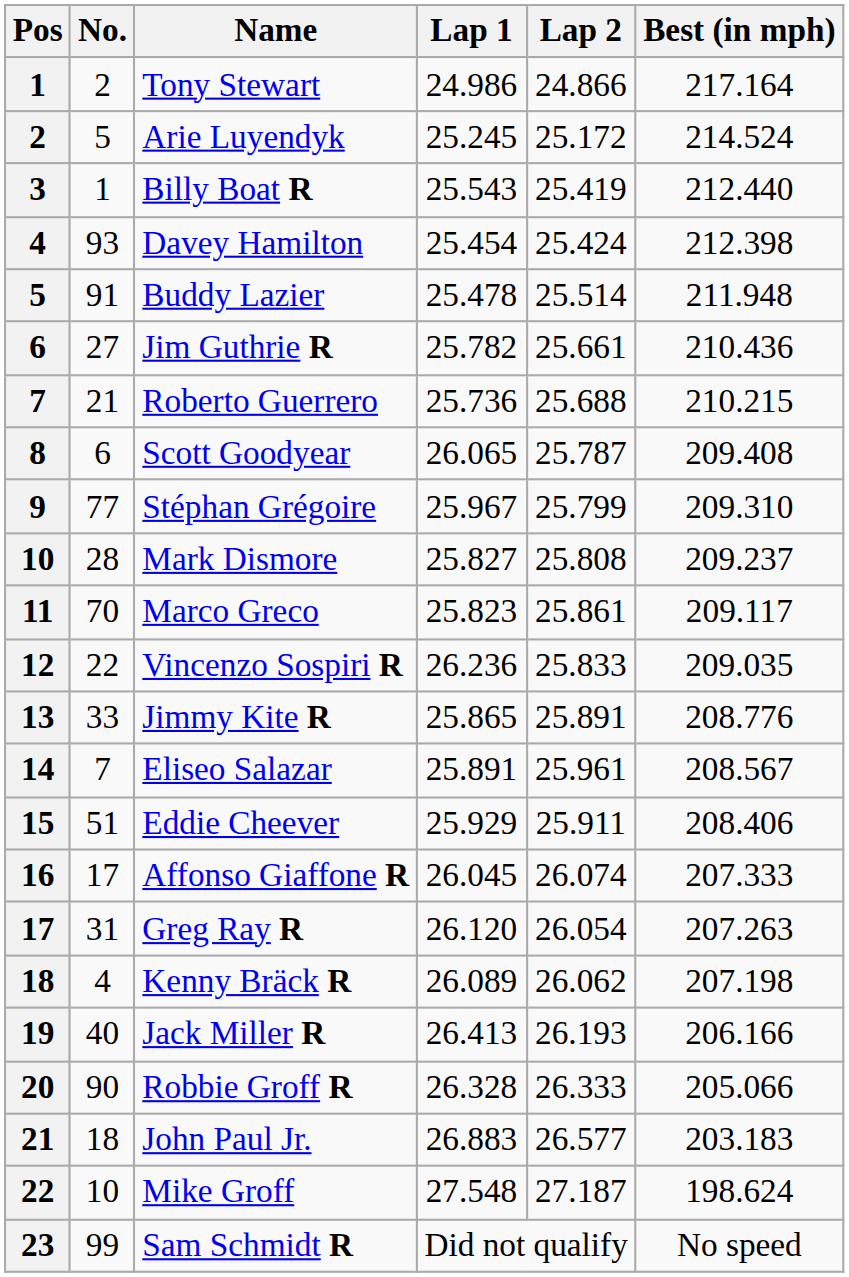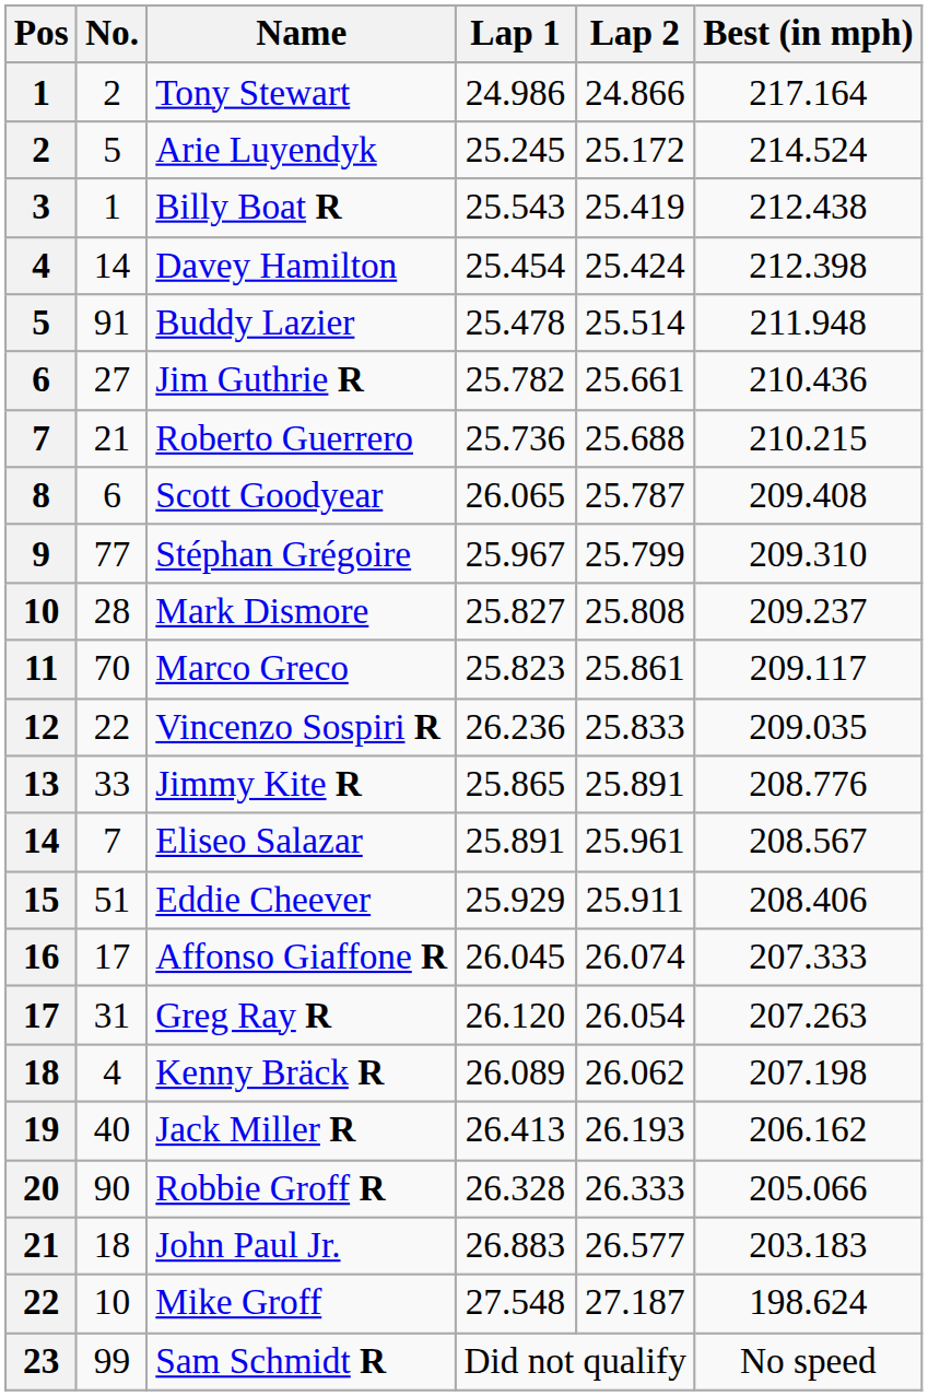 <table class="wikitable sortable" " style="fontsize:95%">
 <tr>
 <th>Pos</th>
 <th>No.</th>
 <th>Name</th>
 <th>Lap 1</th>
 <th>Lap 2</th>
 <th>Best (in mph)</th>
 </tr>
 <tr>
 <th scope="row">1</th>
 <td align=center>2</td>
 <td> <a href='#'>Tony Stewart</a></td>
 <td align="center">24.986</td>
 <td align="center">24.866</td>
 <td align="center">217.164</td>
 </tr>
 <tr>
 <th scope="row">2</th>
 <td align=center>5</td>
 <td> <a href='#'>Arie Luyendyk</a></td>
 <td align="center">25.245</td>
 <td align="center">25.172</td>
 <td align="center">214.524</td>
 </tr>
 <tr>
 <th scope="row">3</th>
 <td align=center>1</td>
 <td> <a href='#'>Billy Boat</a> <strong><span>R</span></strong></td>
 <td align="center">25.543</td>
 <td align="center">25.419</td>
-<td align="center">212.440</td>
+<td align="center">212.438</td>
 </tr>
 <tr>
 <th scope="row">4</th>
-<td align=center>93</td>
+<td align=center>14</td>
 <td> <a href='#'>Davey Hamilton</a></td>
 <td align="center">25.454</td>
 <td align="center">25.424</td>
 <td align="center">212.398</td>
 </tr>
 <tr>
 <th scope="row">5</th>
 <td align=center>91</td>
 <td> <a href='#'>Buddy Lazier</a></td>
 <td align="center">25.478</td>
 <td align="center">25.514</td>
 <td align="center">211.948</td>
 </tr>
 <tr>
 <th scope="row">6</th>
 <td align=center>27</td>
 <td> <a href='#'>Jim Guthrie</a> <strong><span>R</span></strong></td>
 <td align="center">25.782</td>
 <td align="center">25.661</td>
 <td align="center">210.436</td>
 </tr>
 <tr>
 <th scope="row">7</th>
 <td align=center>21</td>
 <td> <a href='#'>Roberto Guerrero</a></td>
 <td align="center">25.736</td>
 <td align="center">25.688</td>
 <td align="center">210.215</td>
 </tr>
 <tr>
 <th scope="row">8</th>
 <td align=center>6</td>
 <td> <a href='#'>Scott Goodyear</a></td>
 <td align="center">26.065</td>
 <td align="center">25.787</td>
 <td align="center">209.408</td>
 </tr>
 <tr>
 <th scope="row">9</th>
 <td align=center>77</td>
 <td> <a href='#'>Stéphan Grégoire</a></td>
 <td align="center">25.967</td>
 <td align="center">25.799</td>
 <td align="center">209.310</td>
 </tr>
 <tr>
 <th scope="row">10</th>
 <td align=center>28</td>
 <td> <a href='#'>Mark Dismore</a></td>
 <td align="center">25.827</td>
 <td align="center">25.808</td>
 <td align="center">209.237</td>
 </tr>
 <tr>
 <th scope="row">11</th>
 <td align=center>70</td>
 <td> <a href='#'>Marco Greco</a></td>
 <td align="center">25.823</td>
 <td align="center">25.861</td>
 <td align="center">209.117</td>
 </tr>
 <tr>
 <th scope="row">12</th>
 <td align=center>22</td>
 <td> <a href='#'>Vincenzo Sospiri</a> <strong><span>R</span></strong></td>
 <td align="center">26.236</td>
 <td align="center">25.833</td>
 <td align="center">209.035</td>
 </tr>
 <tr>
 <th scope="row">13</th>
 <td align=center>33</td>
 <td> <a href='#'>Jimmy Kite</a> <strong><span>R</span></strong></td>
 <td align="center">25.865</td>
 <td align="center">25.891</td>
 <td align="center">208.776</td>
 </tr>
 <tr>
 <th scope="row">14</th>
 <td align=center>7</td>
 <td> <a href='#'>Eliseo Salazar</a></td>
 <td align="center">25.891</td>
 <td align="center">25.961</td>
 <td align="center">208.567</td>
 </tr>
 <tr>
 <th scope="row">15</th>
 <td align=center>51</td>
 <td> <a href='#'>Eddie Cheever</a></td>
 <td align="center">25.929</td>
 <td align="center">25.911</td>
 <td align="center">208.406</td>
 </tr>
 <tr>
 <th scope="row">16</th>
 <td align=center>17</td>
 <td> <a href='#'>Affonso Giaffone</a> <strong><span>R</span></strong></td>
 <td align="center">26.045</td>
 <td align="center">26.074</td>
 <td align="center">207.333</td>
 </tr>
 <tr>
 <th scope="row">17</th>
 <td align=center>31</td>
 <td> <a href='#'>Greg Ray</a> <strong><span>R</span></strong></td>
 <td align="center">26.120</td>
 <td align="center">26.054</td>
 <td align="center">207.263</td>
 </tr>
 <tr>
 <th scope="row">18</th>
 <td align=center>4</td>
 <td> <a href='#'>Kenny Bräck</a> <strong><span>R</span></strong></td>
 <td align="center">26.089</td>
 <td align="center">26.062</td>
 <td align="center">207.198</td>
 </tr>
 <tr>
 <th scope="row">19</th>
 <td align=center>40</td>
 <td> <a href='#'>Jack Miller</a> <strong><span>R</span></strong></td>
 <td align="center">26.413</td>
 <td align="center">26.193</td>
-<td align="center">206.166</td>
+<td align="center">206.162</td>
 </tr>
 <tr>
 <th scope="row">20</th>
 <td align=center>90</td>
 <td> <a href='#'>Robbie Groff</a> <strong><span>R</span></strong></td>
 <td align="center">26.328</td>
 <td align="center">26.333</td>
 <td align="center">205.066</td>
 </tr>
 <tr>
 <th scope="row">21</th>
 <td align=center>18</td>
 <td> <a href='#'>John Paul Jr.</a></td>
 <td align="center">26.883</td>
 <td align="center">26.577</td>
 <td align="center">203.183</td>
 </tr>
 <tr>
 <th scope="row">22</th>
 <td align=center>10</td>
 <td> <a href='#'>Mike Groff</a></td>
 <td align="center">27.548</td>
 <td align="center">27.187</td>
 <td align="center">198.624</td>
 </tr>
 <tr>
 <th scope="row">23</th>
 <td align=center>99</td>
 <td> <a href='#'>Sam Schmidt</a> <strong><span>R</span></strong></td>
 <td colspan=2 align="center">Did not qualify</td>
 <td align="center">No speed</td>
 </tr>
 </table>
